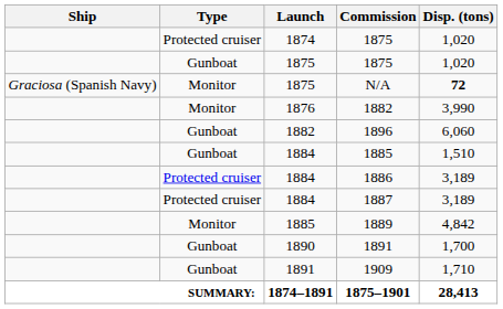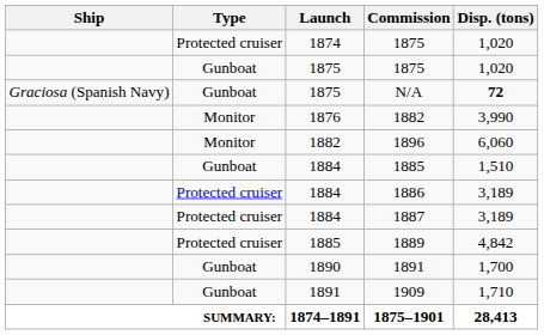 <table class="wikitable">
 <tr>
 <th>Ship</th>
 <th>Type</th>
 <th>Launch</th>
 <th>Commission</th>
 <th>Disp. (tons)</th>
 </tr>
 <tr align="center">
 <td align="left"></td>
 <td>Protected cruiser</td>
 <td>1874</td>
 <td>1875</td>
 <td>1,020</td>
 </tr>
 <tr align="center">
 <td align="left"></td>
 <td>Gunboat</td>
 <td>1875</td>
 <td>1875</td>
 <td>1,020</td>
 </tr>
 <tr align="center">
 <td align="left"><em>Graciosa</em> (Spanish Navy)</td>
-<td>Monitor</td>
+<td>Gunboat</td>
 <td>1875</td>
 <td>N/A</td>
 <td><strong>72</strong></td>
 </tr>
 <tr align="center">
 <td align="left"></td>
 <td>Monitor</td>
 <td>1876</td>
 <td>1882</td>
 <td>3,990</td>
 </tr>
 <tr align="center">
 <td align="left"></td>
-<td>Gunboat</td>
+<td>Monitor</td>
 <td>1882</td>
 <td>1896</td>
 <td>6,060</td>
 </tr>
 <tr align="center">
 <td align="left"></td>
 <td>Gunboat</td>
 <td>1884</td>
 <td>1885</td>
 <td>1,510</td>
 </tr>
 <tr align="center">
 <td align="left"></td>
 <td><a href='#'>Protected cruiser</a></td>
 <td>1884</td>
 <td>1886</td>
 <td>3,189</td>
 </tr>
 <tr align="center">
 <td align="left"></td>
 <td>Protected cruiser</td>
 <td>1884</td>
 <td>1887</td>
 <td>3,189</td>
 </tr>
 <tr align="center">
 <td align="left"></td>
-<td>Monitor</td>
+<td>Protected cruiser</td>
 <td>1885</td>
 <td>1889</td>
 <td>4,842</td>
 </tr>
 <tr align="center">
 <td align="left"></td>
 <td>Gunboat</td>
 <td>1890</td>
 <td>1891</td>
 <td>1,700</td>
 </tr>
 <tr align="center">
 <td align="left"></td>
 <td>Gunboat</td>
 <td>1891</td>
 <td>1909</td>
 <td>1,710</td>
 </tr>
 <tr class="sortbottom" style="background:white; font-weight:600;" align="center">
 <td align="right" colspan=2><small>SUMMARY:  </small></td>
 <td>1874–1891</td>
 <td>1875–1901</td>
 <td>28,413</td>
 </tr>
 </table>
